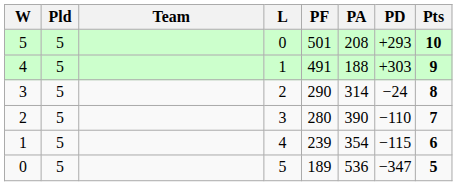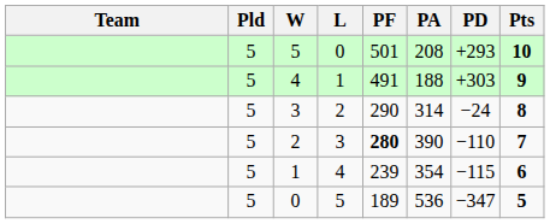 <table class=wikitable style="text-align:center">
 <tr>
+<th width=180>Team</th>
+<th width=30>Pld</th>
 <th width=30>W</th>
-<th width=30>Pld</th>
-<th width=180>Team</th>
 <th width=30>L</th>
 <th width=30>PF</th>
 <th width=30>PA</th>
 <th width=30>PD</th>
 <th width=30>Pts</th>
 </tr>
 <tr align=center bgcolor="#ccffcc">
+<td align=left></td>
 <td>5</td>
 <td>5</td>
-<td align=left></td>
 <td>0</td>
 <td>501</td>
 <td>208</td>
 <td>+293</td>
 <td><strong>10</strong></td>
 </tr>
 <tr align=center bgcolor="#ccffcc">
+<td align=left></td>
+<td>5</td>
 <td>4</td>
-<td>5</td>
-<td align=left></td>
 <td>1</td>
 <td>491</td>
 <td>188</td>
 <td>+303</td>
 <td><strong>9</strong></td>
 </tr>
 <tr align=center>
+<td align=left></td>
+<td>5</td>
 <td>3</td>
-<td>5</td>
-<td align=left></td>
 <td>2</td>
 <td>290</td>
 <td>314</td>
 <td>−24</td>
 <td><strong>8</strong></td>
 </tr>
 <tr align=center>
+<td align=left></td>
+<td>5</td>
 <td>2</td>
-<td>5</td>
-<td align=left></td>
 <td>3</td>
-<td>280</td>
+<td><strong>280</strong></td>
 <td>390</td>
 <td>−110</td>
 <td><strong>7</strong></td>
 </tr>
 <tr align=center>
+<td align=left></td>
+<td>5</td>
 <td>1</td>
-<td>5</td>
-<td align=left></td>
 <td>4</td>
 <td>239</td>
 <td>354</td>
 <td>−115</td>
 <td><strong>6</strong></td>
 </tr>
 <tr align=center>
+<td align=left></td>
+<td>5</td>
 <td>0</td>
-<td>5</td>
-<td align=left></td>
 <td>5</td>
 <td>189</td>
 <td>536</td>
 <td>−347</td>
 <td><strong>5</strong></td>
 </tr>
 </table>
